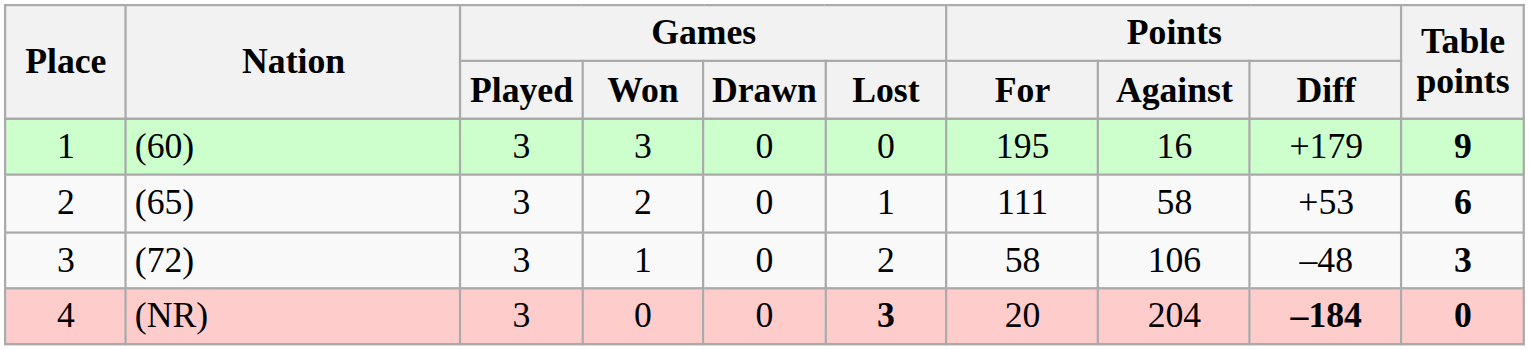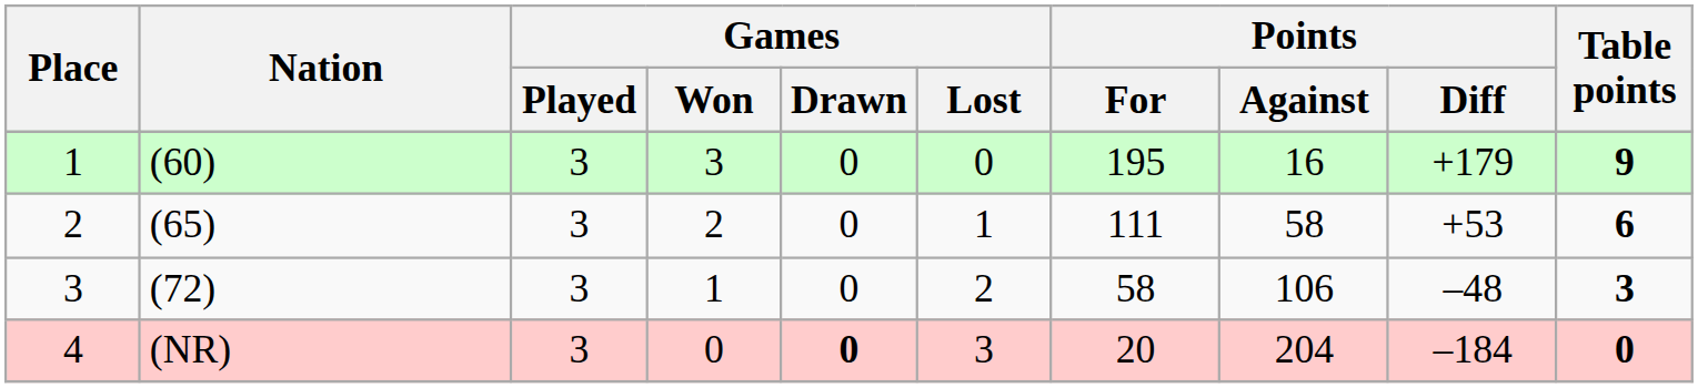 <table class="wikitable">
 <tr>
 <th rowspan=2 width="8%">Place</th>
 <th rowspan=2 width="22%">Nation</th>
 <th colspan=4 width="32%">Games</th>
 <th colspan=3 width="30%">Points</th>
 <th rowspan=2 width="14%">Table<br>points</th>
 </tr>
 <tr>
 <th width="8%">Played</th>
 <th width="8%">Won</th>
 <th width="8%">Drawn</th>
 <th width="8%">Lost</th>
 <th width="10%">For</th>
 <th width="10%">Against</th>
 <th width="10%">Diff</th>
 </tr>
 <tr>
 </tr>
 <tr bgcolor=#ccffcc align=center>
 <td>1</td>
 <td align=left>  (60)</td>
 <td>3</td>
 <td>3</td>
 <td>0</td>
 <td>0</td>
 <td>195</td>
 <td>16</td>
 <td>+179</td>
 <td><strong>9</strong></td>
 </tr>
 <tr align=center>
 <td>2</td>
 <td align=left>  (65)</td>
 <td>3</td>
 <td>2</td>
 <td>0</td>
 <td>1</td>
 <td>111</td>
 <td>58</td>
 <td>+53</td>
 <td><strong>6</strong></td>
 </tr>
 <tr align=center>
 <td>3</td>
 <td align=left>  (72)</td>
 <td>3</td>
 <td>1</td>
 <td>0</td>
 <td>2</td>
 <td>58</td>
 <td>106</td>
 <td>–48</td>
 <td><strong>3</strong></td>
 </tr>
 <tr bgcolor=#ffcccc align=center>
 <td>4</td>
 <td align=left>  (NR)</td>
 <td>3</td>
 <td>0</td>
-<td>0</td>
-<td><strong>3</strong></td>
+<td><strong>0</strong></td>
+<td>3</td>
 <td>20</td>
 <td>204</td>
-<td><strong>–184</strong></td>
+<td>–184</td>
 <td><strong>0</strong></td>
 </tr>
 <tr align=center>
 </tr>
 </table>
